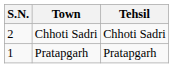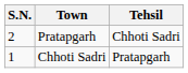 <table class="wikitable">
 <tr>
 <th>S.N.</th>
 <th>Town</th>
 <th>Tehsil</th>
 </tr>
 <tr>
 <td>2</td>
-<td>Chhoti  Sadri</td>
+<td>Pratapgarh</td>
 <td>Chhoti  Sadri</td>
 </tr>
 <tr>
 <td>1</td>
-<td>Pratapgarh</td>
+<td>Chhoti  Sadri</td>
 <td>Pratapgarh</td>
 </tr>
 </table>
